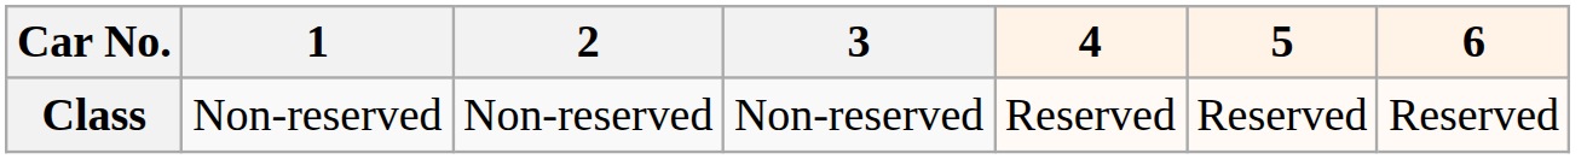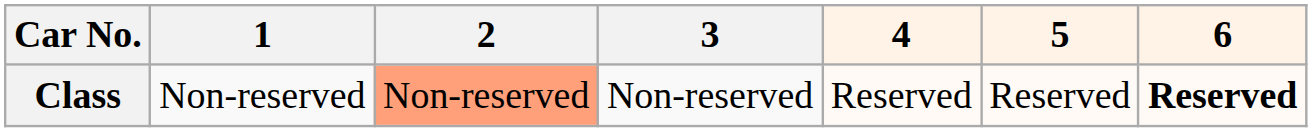 <table class="wikitable">
 <tr>
 <th>Car No.</th>
 <th>1</th>
 <th>2</th>
 <th>3</th>
 <th style="background: #FFF2E6">4</th>
 <th style="background: #FFF2E6">5</th>
 <th colspan=2 style="background: #FFF2E6">6</th>
 </tr>
 <tr>
 <th>Class</th>
 <td>Non-reserved</td>
-<td>Non-reserved</td>
+<td style="background: lightsalmon;">Non-reserved</td>
 <td>Non-reserved</td>
 <td style="background: #FFFAF5">Reserved</td>
 <td style="background: #FFFAF5">Reserved</td>
-<td style="background: #FFFAF5">Reserved</td>
+<td style="background: #FFFAF5"><strong>Reserved</strong></td>
 </tr>
 </table>
